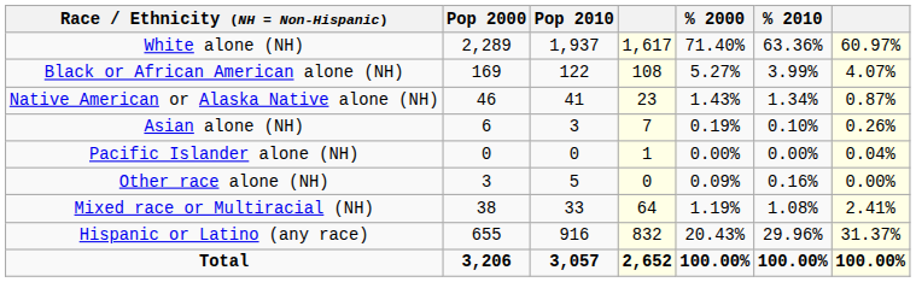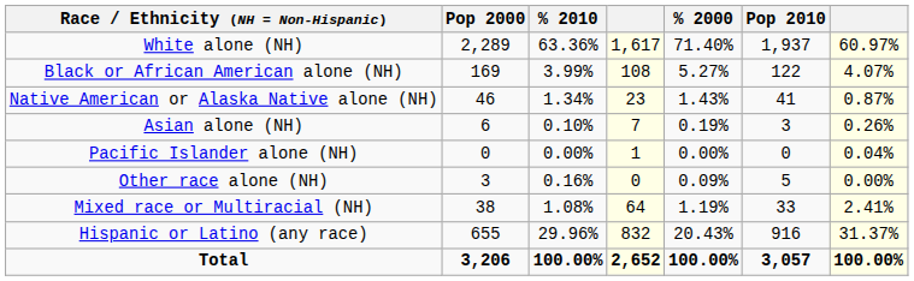 <table class="wikitable" style="text-align:center;">
 <tr>
 <th>Race / Ethnicity <small>(<em>NH = Non-Hispanic</em>)</small></th>
 <th>Pop 2000</th>
-<th>Pop 2010</th>
+<th>% 2010</th>
 <th></th>
 <th>% 2000</th>
-<th>% 2010</th>
+<th>Pop 2010</th>
 <th></th>
 </tr>
 <tr>
 <td><a href='#'>White</a> alone (NH)</td>
 <td>2,289</td>
-<td>1,937</td>
+<td>63.36%</td>
 <td style='background: #ffffe6;'>1,617</td>
 <td>71.40%</td>
-<td>63.36%</td>
+<td>1,937</td>
 <td style='background: #ffffe6;'>60.97%</td>
 </tr>
 <tr>
 <td><a href='#'>Black or African American</a> alone (NH)</td>
 <td>169</td>
-<td>122</td>
+<td>3.99%</td>
 <td style='background: #ffffe6;'>108</td>
 <td>5.27%</td>
-<td>3.99%</td>
+<td>122</td>
 <td style='background: #ffffe6;'>4.07%</td>
 </tr>
 <tr>
 <td><a href='#'>Native American</a> or <a href='#'>Alaska Native</a> alone (NH)</td>
 <td>46</td>
-<td>41</td>
+<td>1.34%</td>
 <td style='background: #ffffe6;'>23</td>
 <td>1.43%</td>
-<td>1.34%</td>
+<td>41</td>
 <td style='background: #ffffe6;'>0.87%</td>
 </tr>
 <tr>
 <td><a href='#'>Asian</a> alone (NH)</td>
 <td>6</td>
-<td>3</td>
+<td>0.10%</td>
 <td style='background: #ffffe6;'>7</td>
 <td>0.19%</td>
-<td>0.10%</td>
+<td>3</td>
 <td style='background: #ffffe6;'>0.26%</td>
 </tr>
 <tr>
 <td><a href='#'>Pacific Islander</a> alone (NH)</td>
 <td>0</td>
-<td>0</td>
+<td>0.00%</td>
 <td style='background: #ffffe6;'>1</td>
 <td>0.00%</td>
-<td>0.00%</td>
+<td>0</td>
 <td style='background: #ffffe6;'>0.04%</td>
 </tr>
 <tr>
 <td><a href='#'>Other race</a> alone (NH)</td>
 <td>3</td>
-<td>5</td>
+<td>0.16%</td>
 <td style='background: #ffffe6;'>0</td>
 <td>0.09%</td>
-<td>0.16%</td>
+<td>5</td>
 <td style='background: #ffffe6;'>0.00%</td>
 </tr>
 <tr>
 <td><a href='#'>Mixed race or Multiracial</a> (NH)</td>
 <td>38</td>
-<td>33</td>
+<td>1.08%</td>
 <td style='background: #ffffe6;'>64</td>
 <td>1.19%</td>
-<td>1.08%</td>
+<td>33</td>
 <td style='background: #ffffe6;'>2.41%</td>
 </tr>
 <tr>
 <td><a href='#'>Hispanic or Latino</a> (any race)</td>
 <td>655</td>
-<td>916</td>
+<td>29.96%</td>
 <td style='background: #ffffe6;'>832</td>
 <td>20.43%</td>
-<td>29.96%</td>
+<td>916</td>
 <td style='background: #ffffe6;'>31.37%</td>
 </tr>
 <tr>
 <td><strong>Total</strong></td>
 <td><strong>3,206</strong></td>
-<td><strong>3,057</strong></td>
+<td><strong>100.00%</strong></td>
 <td style='background: #ffffe6;'><strong>2,652</strong></td>
 <td><strong>100.00%</strong></td>
-<td><strong>100.00%</strong></td>
+<td><strong>3,057</strong></td>
 <td style='background: #ffffe6;'><strong>100.00%</strong></td>
 </tr>
 </table>
